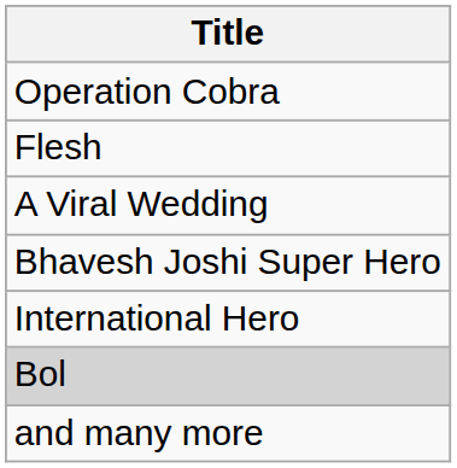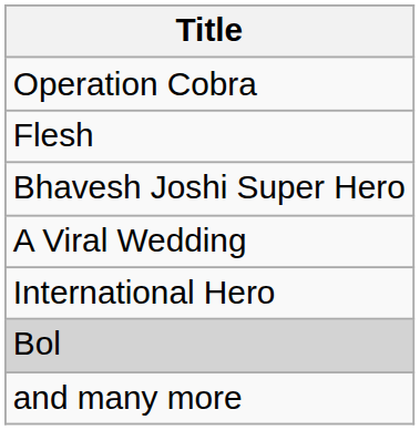 <table class="wikitable">
 <tr>
 <th>Title</th>
 </tr>
 <tr>
 <td>Operation Cobra</td>
 </tr>
 <tr>
 <td>Flesh</td>
 </tr>
 <tr>
-<td>A Viral Wedding</td>
+<td>Bhavesh Joshi Super Hero</td>
 </tr>
 <tr>
-<td>Bhavesh Joshi Super Hero</td>
+<td>A Viral Wedding</td>
 </tr>
 <tr>
 <td>International Hero</td>
 </tr>
 <tr>
 <td style="background: lightgrey;">Bol</td>
 </tr>
 <tr>
 <td>and many more</td>
 </tr>
 </table>
